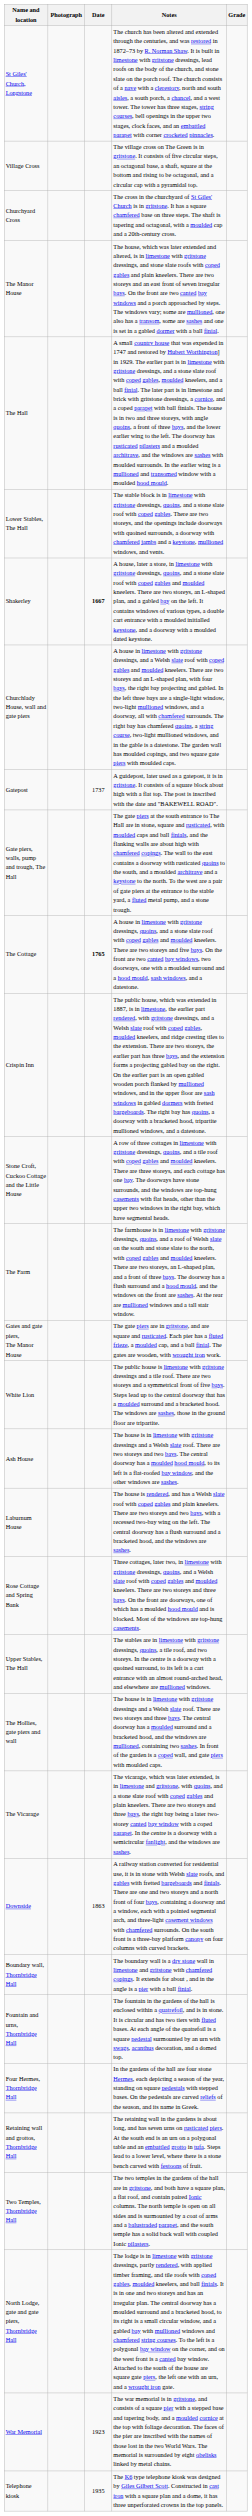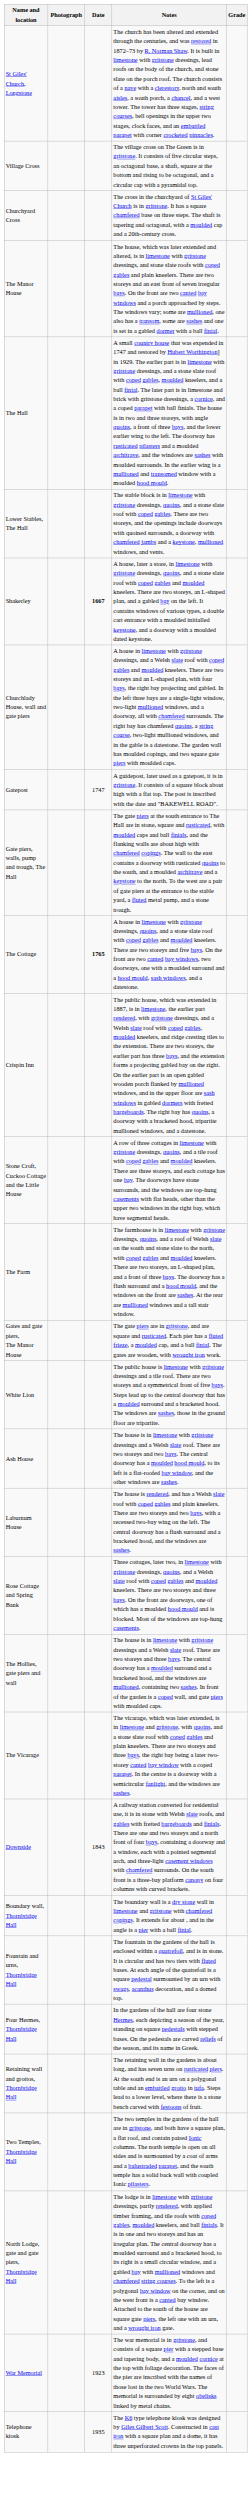 <table class="wikitable sortable plainrowheaders" style="width:100%; border:0; text-align:left; line-height:150%;">
 <tr>
 <th scope="col"  style="width:150px">Name and location</th>
 <th scope="col"  style="width:100px" class="unsortable">Photograph</th>
 <th scope="col"  style="width:120px">Date</th>
 <th scope="col"  style="width:650px" class="unsortable">Notes</th>
 <th scope="col"  style="width:50px">Grade</th>
 </tr>
 <tr>
 <td><a href='#'>St Giles' Church, Longstone</a><br><small></small></td>
 <td></td>
 <td align="center"></td>
 <td>The church has been altered and extended through the centuries, and was <a href='#'>restored</a> in 1872–73 by <a href='#'>R. Norman Shaw</a>.  It is built in <a href='#'>limestone</a> with <a href='#'>gritstone</a> dressings, lead roofs on the body of the church, and stone slate on the porch roof.  The church consists of a <a href='#'>nave</a> with a <a href='#'>clerestory</a>, north and south <a href='#'>aisles</a>, a south porch, a <a href='#'>chancel</a>, and a west tower.  The tower has three stages, <a href='#'>string courses</a>, bell openings in the upper two stages, clock faces, and an <a href='#'>embattled</a> <a href='#'>parapet</a> with corner <a href='#'>crocketed</a> <a href='#'>pinnacles</a>.</td>
 <td align="center" ></td>
 </tr>
 <tr>
 <td>Village Cross<br><small></small></td>
 <td></td>
 <td align="center"></td>
 <td>The village cross on The Green is in <a href='#'>gritstone</a>.  It consists of five circular steps, an octagonal base, a shaft, square at the bottom and rising to be octagonal, and a circular cap with a pyramidal top.</td>
 <td align="center" ></td>
 </tr>
 <tr>
 <td>Churchyard Cross<br><small></small></td>
 <td></td>
 <td align="center"></td>
 <td>The cross in the churchyard of <a href='#'>St Giles' Church</a> is in <a href='#'>gritstone</a>.  It has a square <a href='#'>chamfered</a> base on three steps.  The shaft is tapering and octagonal, with  a <a href='#'>moulded</a> cap and a 20th-century cross.</td>
 <td align="center" ></td>
 </tr>
 <tr>
 <td>The Manor House<br><small></small></td>
 <td></td>
 <td align="center"></td>
 <td>The house, which was later extended and altered, is in <a href='#'>limestone</a> with <a href='#'>gritstone</a> dressings, and stone slate roofs with <a href='#'>coped</a> <a href='#'>gables</a> and plain kneelers.  There are two storeys and an east front of seven irregular <a href='#'>bays</a>.  On the front are two <a href='#'>canted</a> <a href='#'>bay windows</a> and a porch approached by steps.  The windows vary; some are <a href='#'>mullioned</a>, one also has a <a href='#'>transom</a>, some are <a href='#'>sashes</a> and one is set in a gabled <a href='#'>dormer</a> with a ball <a href='#'>finial</a>.</td>
 <td align="center" ></td>
 </tr>
 <tr>
 <td>The Hall<br><small></small></td>
 <td></td>
 <td align="center"></td>
 <td>A small <a href='#'>country house</a> that was expended in 1747 and restored by <a href='#'>Hubert Worthington</a>] in 1929.  The earlier part is in <a href='#'>limestone</a> with <a href='#'>gritstone</a> dressings, and a stone slate roof with <a href='#'>coped</a> <a href='#'>gables</a>, <a href='#'>moulded</a> kneelers, and a ball <a href='#'>finial</a>.  The later part is in limestone and brick with gritstone dressings, a <a href='#'>cornice</a>, and a coped <a href='#'>parapet</a> with ball finials.  The house is in two and three storeys, with angle <a href='#'>quoins</a>, a front of three <a href='#'>bays</a>, and the lower earlier wing to the left.  The doorway has <a href='#'>rusticated</a> <a href='#'>pilasters</a> and a moulded <a href='#'>architrave</a>, and the windows are <a href='#'>sashes</a> with moulded surrounds.  In the earlier wing is a <a href='#'>mullioned</a> and <a href='#'>transomed</a> window with a moulded <a href='#'>hood mould</a>.</td>
 <td align="center" ></td>
 </tr>
 <tr>
 <td>Lower Stables, The Hall<br><small></small></td>
 <td></td>
 <td align="center"></td>
 <td>The stable block is in <a href='#'>limestone</a> with <a href='#'>gritstone</a> dressings, <a href='#'>quoins</a>, and a stone slate roof with <a href='#'>coped</a> <a href='#'>gables</a>.  There are two storeys, and the openings include doorways with quoined surrounds, a doorway with <a href='#'>chamfered</a> <a href='#'>jambs</a> and a <a href='#'>keystone</a>, <a href='#'>mullioned</a> windows, and vents.</td>
 <td align="center" ></td>
 </tr>
 <tr>
 <td>Shakerley<br><small></small></td>
 <td></td>
 <td align="center"><strong>1667</strong></td>
 <td>A house, later a store, in <a href='#'>limestone</a> with <a href='#'>gritstone</a> dressings, <a href='#'>quoins</a>, and a stone slate roof with <a href='#'>coped</a> <a href='#'>gables</a> and <a href='#'>moulded</a> kneelers.  There are two storeys, an L-shaped plan, and a gabled <a href='#'>bay</a> on the left.  It contains windows of various types, a double cart entrance with a moulded initialled <a href='#'>keystone</a>, and a doorway with a moulded dated keystone.</td>
 <td align="center" ></td>
 </tr>
 <tr>
 <td>Churchlady House, wall and gate piers<br><small></small></td>
 <td></td>
 <td align="center"></td>
 <td>A house in <a href='#'>limestone</a> with <a href='#'>gritstone</a> dressings, and a Welsh <a href='#'>slate</a> roof with <a href='#'>coped</a> <a href='#'>gables</a> and <a href='#'>moulded</a> kneelers.  There are two storeys and an L-shaped plan, with four <a href='#'>bays</a>, the right bay projecting and gabled.  In the left three bays are a single-light window, two-light <a href='#'>mullioned</a> windows, and a doorway, all with <a href='#'>chamfered</a> surrounds.  The right bay has chamfered <a href='#'>quoins</a>, a <a href='#'>string course</a>, two-light mullioned windows, and in the gable is a datestone.  The garden wall has moulded copings, and two square gate <a href='#'>piers</a> with moulded caps.</td>
 <td align="center" ></td>
 </tr>
 <tr>
 <td>Gatepost<br><small></small></td>
 <td></td>
-<td align="center">1737</td>
+<td align="center">1747</td>
 <td>A guidepost, later used as a gatepost, it is in <a href='#'>gritstone</a>.  It consists of a square block about  high with a flat top.  The post is inscribed with the date and "BAKEWELL ROAD".</td>
 <td align="center" ></td>
 </tr>
 <tr>
 <td>Gate piers, walls, pump and trough, The Hall<br><small></small></td>
 <td></td>
 <td align="center"></td>
 <td>The gate <a href='#'>piers</a> at the south entrance to The Hall are in stone, square and <a href='#'>rusticated</a>, with <a href='#'>moulded</a> caps and ball <a href='#'>finials</a>, and the flanking walls are about  high with <a href='#'>chamfered</a> <a href='#'>copings</a>.  The wall to the east contains a doorway with rusticated <a href='#'>quoins</a> to the south, and a moulded <a href='#'>architrave</a> and a <a href='#'>keystone</a> to the north.  To the west are a pair of gate piers at the entrance to the stable yard, a <a href='#'>fluted</a> metal pump, and a stone trough.</td>
 <td align="center" ></td>
 </tr>
 <tr>
 <td>The Cottage<br><small></small></td>
 <td></td>
 <td align="center"><strong>1765</strong></td>
 <td>A house in <a href='#'>limestone</a> with <a href='#'>gritstone</a> dressings, <a href='#'>quoins</a>, and a stone slate roof with <a href='#'>coped</a> <a href='#'>gables</a> and <a href='#'>moulded</a> kneelers.  There are two storeys and five <a href='#'>bays</a>.  On the front are two <a href='#'>canted</a> <a href='#'>bay windows</a>, two doorways, one with a moulded surround and a <a href='#'>hood mould</a>, <a href='#'>sash windows</a>, and a datestone.</td>
 <td align="center" ></td>
 </tr>
 <tr>
 <td>Crispin Inn<br><small></small></td>
 <td></td>
 <td align="center"></td>
 <td>The public house, which was extended in 1887, is in <a href='#'>limestone</a>, the earlier part <a href='#'>rendered</a>, with <a href='#'>gritstone</a> dressings, and a Welsh <a href='#'>slate</a> roof with <a href='#'>coped</a> <a href='#'>gables</a>, <a href='#'>moulded</a> kneelers, and ridge cresting tiles to the extension.  There are two storeys, the earlier part has three <a href='#'>bays</a>, and the extension forms a projecting gabled bay on the right.  On the earlier part is an open gabled wooden porch flanked by <a href='#'>mullioned</a> windows, and in the upper floor are <a href='#'>sash windows</a> in gabled <a href='#'>dormers</a> with fretted <a href='#'>bargeboards</a>.  The right bay has <a href='#'>quoins</a>, a doorway with a bracketed hood, tripartite mullioned windows, and a datestone.</td>
 <td align="center" ></td>
 </tr>
 <tr>
 <td>Stone Croft, Cuckoo Cottage and the Little House<br><small></small></td>
 <td></td>
 <td align="center"></td>
 <td>A row of three cottages in <a href='#'>limestone</a> with <a href='#'>gritstone</a> dressings, <a href='#'>quoins</a>, and a tile roof with <a href='#'>coped</a> <a href='#'>gables</a> and <a href='#'>moulded</a> kneelers.  There are three storeys, and each cottage has one <a href='#'>bay</a>.  The doorways have stone surrounds, and the windows are top-hung <a href='#'>casements</a> with flat heads, other than the upper two windows in the right bay, which have segmental heads.</td>
 <td align="center" ></td>
 </tr>
 <tr>
 <td>The Farm<br><small></small></td>
 <td></td>
 <td align="center"></td>
 <td>The farmhouse is in <a href='#'>limestone</a> with <a href='#'>gritstone</a> dressings, <a href='#'>quoins</a>, and a roof of Welsh <a href='#'>slate</a> on the south and stone slate to the north, with <a href='#'>coped</a> <a href='#'>gables</a> and <a href='#'>moulded</a> kneelers.  There are two storeys, an L-shaped plan, and a front of three <a href='#'>bays</a>.  The doorway has a flush surround and a <a href='#'>hood mould</a>, and the windows on the front are <a href='#'>sashes</a>.  At the rear are <a href='#'>mullioned</a> windows and a tall stair window.</td>
 <td align="center" ></td>
 </tr>
 <tr>
 <td>Gates and gate piers,<br>The Manor House<br><small></small></td>
 <td></td>
 <td align="center"></td>
 <td>The gate <a href='#'>piers</a> are in <a href='#'>gritstone</a>, and are square and <a href='#'>rusticated</a>.  Each pier has a <a href='#'>fluted</a> <a href='#'>frieze</a>, a <a href='#'>moulded</a> cap, and a ball <a href='#'>finial</a>.  The gates are wooden, with <a href='#'>wrought iron</a> work.</td>
 <td align="center" ></td>
 </tr>
 <tr>
 <td>White Lion<br><small></small></td>
 <td></td>
 <td align="center"></td>
 <td>The public house is <a href='#'>limestone</a> with <a href='#'>gritstone</a> dressings and a tile roof.  There are two storeys and a symmetrical front of five <a href='#'>bays</a>.  Steps lead up to the central doorway that has a <a href='#'>moulded</a> surround and a bracketed hood.  The windows are <a href='#'>sashes</a>, those in the ground floor are tripartite.</td>
 <td align="center" ></td>
 </tr>
 <tr>
 <td>Ash House<br><small></small></td>
 <td></td>
 <td align="center"></td>
 <td>The house is in <a href='#'>limestone</a> with <a href='#'>gritstone</a> dressings and a Welsh <a href='#'>slate</a> roof.  There are two storeys and two <a href='#'>bays</a>.  The central doorway has a <a href='#'>moulded</a> <a href='#'>hood mould</a>, to its left is a flat-roofed <a href='#'>bay window</a>, and the other windows are <a href='#'>sashes</a>.</td>
 <td align="center" ></td>
 </tr>
 <tr>
 <td>Laburnum House<br><small></small></td>
 <td></td>
 <td align="center"></td>
 <td>The house is <a href='#'>rendered</a>, and has a Welsh <a href='#'>slate</a> roof with <a href='#'>coped</a> <a href='#'>gables</a> and plain kneelers.  There are two storeys and two <a href='#'>bays</a>, with a recessed two-bay wing on the left.  The central doorway has a flush surround and a bracketed hood, and the windows are <a href='#'>sashes</a>.</td>
 <td align="center" ></td>
 </tr>
 <tr>
 <td>Rose Cottage and Spring Bank<br><small></small></td>
 <td></td>
 <td align="center"></td>
 <td>Three cottages, later two, in <a href='#'>limestone</a> with <a href='#'>gritstone</a> dressings, <a href='#'>quoins</a>, and a Welsh <a href='#'>slate</a> roof with <a href='#'>coped</a> <a href='#'>gables</a> and <a href='#'>moulded</a> kneelers.  There are two storeys and three <a href='#'>bays</a>.  On the front are doorways, one of which has a moulded <a href='#'>hood mould</a> and is blocked.  Most of the windows are top-hung <a href='#'>casements</a>.</td>
 <td align="center" ></td>
 </tr>
 <tr>
-<td>Upper Stables, The Hall<br><small></small></td>
-<td></td>
-<td align="center"></td>
-<td>The stables are in <a href='#'>limestone</a> with <a href='#'>gritstone</a> dressings, <a href='#'>quoins</a>, a tile roof, and two storeys.  In the centre is a doorway with a quoined surround, to its left is a cart entrance with an almost round-arched head, and elsewhere are <a href='#'>mullioned</a> windows.</td>
-<td align="center" ></td>
-</tr>
-<tr>
 <td>The Hollies, gate piers and wall<br><small></small></td>
 <td></td>
 <td align="center"></td>
 <td>The house is in <a href='#'>limestone</a> with <a href='#'>gritstone</a> dressings and a Welsh <a href='#'>slate</a> roof.  There are two storeys and three <a href='#'>bays</a>.  The central doorway has a <a href='#'>moulded</a> surround and a bracketed hood, and the windows are <a href='#'>mullioned</a>, containing two <a href='#'>sashes</a>.  In front of the garden is a <a href='#'>coped</a> wall, and gate <a href='#'>piers</a> with moulded caps.</td>
 <td align="center" ></td>
 </tr>
 <tr>
 <td>The Vicarage<br><small></small></td>
 <td></td>
 <td align="center"></td>
 <td>The vicarage, which was later extended, is in <a href='#'>limestone</a> and <a href='#'>gritstone</a>, with <a href='#'>quoins</a>, and a stone slate roof with <a href='#'>coped</a> <a href='#'>gables</a> and plain kneelers.  There are two storeys and three <a href='#'>bays</a>, the right bay being a later two-storey <a href='#'>canted</a> <a href='#'>bay window</a> with a coped <a href='#'>parapet</a>.  In the centre is a doorway with a semicircular <a href='#'>fanlight</a>, and the windows are <a href='#'>sashes</a>.</td>
 <td align="center" ></td>
 </tr>
 <tr>
 <td><a href='#'>Downside</a><br><small></small></td>
 <td></td>
-<td align="center">1863</td>
+<td align="center">1843</td>
 <td>A railway station converted for residential use, it is in stone with Welsh <a href='#'>slate</a> roofs, and <a href='#'>gables</a> with fretted <a href='#'>bargeboards</a> and <a href='#'>finials</a>.  There are one and two storeys and a north front of four <a href='#'>bays</a>, containing a doorway and a window, each with a pointed segmental arch, and three-light <a href='#'>casement windows</a> with <a href='#'>chamfered</a> surrounds.  On the south front is a three-bay platform <a href='#'>canopy</a> on four columns with curved brackets.</td>
 <td align="center" ></td>
 </tr>
 <tr>
 <td>Boundary wall, <a href='#'>Thornbridge Hall</a><br><small></small></td>
 <td></td>
 <td align="center"></td>
 <td>The boundary wall is a <a href='#'>dry stone</a> wall in <a href='#'>limestone</a> and <a href='#'>gritstone</a> with <a href='#'>chamfered</a> <a href='#'>copings</a>.  It extends for about , and in the angle is a <a href='#'>pier</a> with a ball <a href='#'>finial</a>.</td>
 <td align="center" ></td>
 </tr>
 <tr>
 <td>Fountain and urns,<br><a href='#'>Thornbridge Hall</a><br><small></small></td>
 <td></td>
 <td align="center"></td>
 <td>The fountain in the gardens of the hall is enclosed within a <a href='#'>quatrefoil</a>, and is in stone.  It is circular and has two tiers with <a href='#'>fluted</a> bases.  At each angle of the quatrefoil is a square <a href='#'>pedestal</a> surmounted by an urn with <a href='#'>swags</a>, <a href='#'>acanthus</a> decoration, and a domed top.</td>
 <td align="center" ></td>
 </tr>
 <tr>
 <td>Four Hermes, <a href='#'>Thornbridge Hall</a><br><small></small></td>
 <td></td>
 <td align="center"></td>
 <td>In the gardens of the hall are four stone <a href='#'>Hermes</a>, each depicting a season of the year, standing on square <a href='#'>pedestals</a> with stepped bases.  On the pedestals are carved <a href='#'>reliefs</a> of the season, and its name in Greek.</td>
 <td align="center" ></td>
 </tr>
 <tr>
 <td>Retaining wall and grottos,<br><a href='#'>Thornbridge Hall</a><br><small></small></td>
 <td></td>
 <td align="center"></td>
 <td>The retaining wall in the gardens is about  long, and has seven urns on <a href='#'>rusticated</a> <a href='#'>piers</a>. At the south end is an urn on a polygonal table and an <a href='#'>embattled</a> <a href='#'>grotto</a> in <a href='#'>tufa</a>.  Steps lead to a lower level, where there is a stone bench carved with <a href='#'>festoons</a> of fruit.</td>
 <td align="center" ></td>
 </tr>
 <tr>
 <td>Two Temples, <a href='#'>Thornbridge Hall</a><br><small></small></td>
 <td></td>
 <td align="center"></td>
 <td>The two temples in the gardens of the hall are in <a href='#'>gritstone</a>, and both have a square plan, a flat roof, and contain paired <a href='#'>Ionic</a> columns.  The north temple is open on all sides and is surmounted by a coat of arms and a <a href='#'>balustraded</a> <a href='#'>parapet</a>, and the south temple has a solid back wall with coupled Ionic <a href='#'>pilasters</a>.</td>
 <td align="center" ></td>
 </tr>
 <tr>
 <td>North Lodge, gate and gate piers, <a href='#'>Thornbridge Hall</a><br><small></small></td>
 <td></td>
 <td align="center"></td>
 <td>The lodge is in <a href='#'>limestone</a> with <a href='#'>gritstone</a> dressings, partly <a href='#'>rendered</a>, with applied timber framing, and tile roofs with <a href='#'>coped</a> <a href='#'>gables</a>, <a href='#'>moulded</a> kneelers, and ball <a href='#'>finials</a>.  It is in one and two storeys and has an irregular plan.  The central doorway has a moulded surround and a bracketed hood, to its right is a small circular window, and a gabled <a href='#'>bay</a> with <a href='#'>mullioned</a> windows and <a href='#'>chamfered</a> <a href='#'>string courses</a>.  To the left is a polygonal <a href='#'>bay window</a> on the corner, and on the west front is a <a href='#'>canted</a> bay window.  Attached to the south of the house are square gate <a href='#'>piers</a>, the left one with an urn, and a <a href='#'>wrought iron</a> gate.</td>
 <td align="center" ></td>
 </tr>
 <tr>
 <td><a href='#'>War Memorial</a><br><small></small></td>
 <td></td>
 <td align="center">1923</td>
 <td>The war memorial is in <a href='#'>gritstone</a>, and consists of a square <a href='#'>pier</a> with a stepped base and tapering body, and a <a href='#'>moulded</a> <a href='#'>cornice</a> at the top with foliage decoration.  The faces of the pier are inscribed with the names of those lost in the two World Wars.  The memorial is surrounded by eight <a href='#'>obelisks</a> linked by metal chains.</td>
 <td align="center" ></td>
 </tr>
 <tr>
 <td>Telephone kiosk<br><small></small></td>
 <td></td>
 <td align="center">1935</td>
 <td>The <a href='#'>K6</a> type telephone kiosk was designed by <a href='#'>Giles Gilbert Scott</a>.  Constructed in <a href='#'>cast iron</a> with a square plan and a dome, it has three unperforated crowns in the top panels.</td>
 <td align="center" ></td>
 </tr>
 <tr>
 </tr>
 </table>
